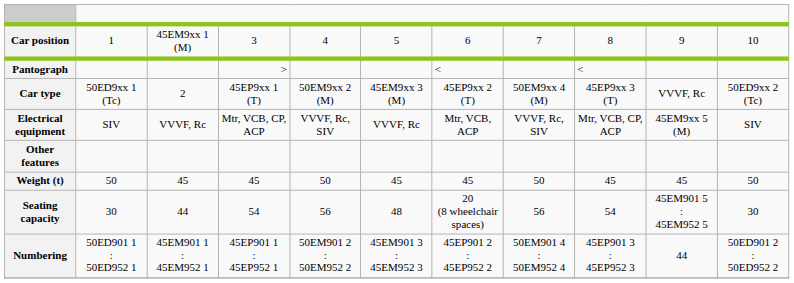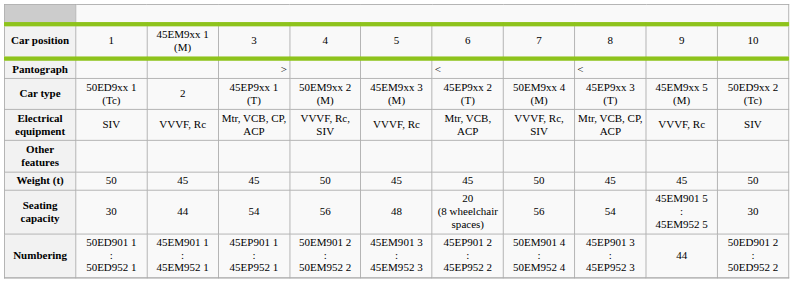 <table class="wikitable" summary="EMU900" style="text-align: center; font-size:80%;">
 <tr>
 <td style="background:#ccc; width:6em;"> </td>
 <td colspan="10"></td>
 </tr>
 <tr style="border-top:solid 5px #8EC31C">
 <th style="width:6em;">Car position</th>
 <td style="width:6em;">1</td>
 <td>45EM9xx 1<br>(M)</td>
 <td style="width:6em;">3</td>
 <td style="width:6em;">4</td>
 <td style="width:6em;">5</td>
 <td style="width:6em;">6</td>
 <td style="width:6em;">7</td>
 <td style="width:6em;">8</td>
 <td style="width:6em;">9</td>
 <td style="width:6em;">10</td>
 </tr>
 <tr style="border-top:solid 5px #8EC31C">
 <th>Pantograph</th>
 <td></td>
 <td></td>
 <td style="text-align: right;">></td>
 <td></td>
 <td></td>
 <td style="text-align: left;"><</td>
 <td></td>
 <td style="text-align: left;"><</td>
 <td></td>
 <td></td>
 </tr>
 <tr>
 <th>Car type</th>
 <td>50ED9xx 1<br>(Tc)</td>
 <td style="width:6em;">2</td>
 <td>45EP9xx 1<br>(T)</td>
 <td>50EM9xx 2<br>(M)</td>
 <td>45EM9xx 3<br>(M)</td>
 <td>45EP9xx 2<br>(T)</td>
 <td>50EM9xx 4<br>(M)</td>
 <td>45EP9xx 3<br>(T)</td>
-<td>VVVF, Rc</td>
+<td>45EM9xx 5<br>(M)</td>
 <td>50ED9xx 2<br>(Tc)</td>
 </tr>
 <tr>
 <th>Electrical equipment</th>
 <td>SIV</td>
 <td>VVVF, Rc</td>
 <td>Mtr, VCB, CP, ACP</td>
 <td>VVVF, Rc, SIV</td>
 <td>VVVF, Rc</td>
 <td>Mtr, VCB, ACP</td>
 <td>VVVF, Rc, SIV</td>
 <td>Mtr, VCB, CP, ACP</td>
-<td>45EM9xx 5<br>(M)</td>
+<td>VVVF, Rc</td>
 <td>SIV</td>
 </tr>
 <tr>
 <th>Other features</th>
 <td></td>
 <td></td>
 <td></td>
 <td></td>
 <td></td>
 <td></td>
 <td></td>
 <td></td>
 <td></td>
 <td> </td>
 </tr>
 <tr>
 <th>Weight (t)</th>
 <td>50</td>
 <td>45</td>
 <td>45</td>
 <td>50</td>
 <td>45</td>
 <td>45</td>
 <td>50</td>
 <td>45</td>
 <td>45</td>
 <td>50</td>
 </tr>
 <tr>
 <th>Seating capacity</th>
 <td>30</td>
 <td>44</td>
 <td>54</td>
 <td>56</td>
 <td>48</td>
 <td>20<br>(8 wheelchair spaces)</td>
 <td>56</td>
 <td>54</td>
 <td>45EM901 5<br>:<br>45EM952 5</td>
 <td>30</td>
 </tr>
 <tr>
 <th>Numbering</th>
 <td>50ED901 1<br>:<br>50ED952 1</td>
 <td>45EM901 1<br>:<br>45EM952 1</td>
 <td>45EP901 1<br>:<br>45EP952 1</td>
 <td>50EM901 2<br>:<br>50EM952 2</td>
 <td>45EM901 3<br>:<br>45EM952 3</td>
 <td>45EP901 2<br>:<br>45EP952 2</td>
 <td>50EM901 4<br>:<br>50EM952 4</td>
 <td>45EP901 3<br>:<br>45EP952 3</td>
 <td>44</td>
 <td>50ED901 2<br>:<br>50ED952 2</td>
 </tr>
 <tr>
 </tr>
 </table>
